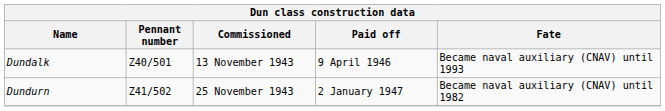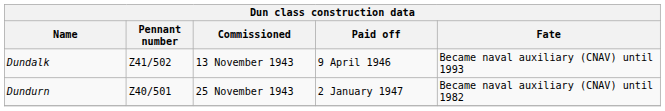 <table class="wikitable">
 <tr>
 <th colspan=5 align=center>Dun class construction data</th>
 </tr>
 <tr>
 <th scope="col" width="150px">Name</th>
 <th scope="col" width="80px">Pennant number</th>
 <th scope="col" width="150px">Commissioned</th>
 <th scope="col" width="150px">Paid off</th>
 <th scope="col" width="280px">Fate</th>
 </tr>
 <tr>
 <td scope="row" align="left"><em>Dundalk</em></td>
-<td align="left">Z40/501</td>
+<td align="left">Z41/502</td>
 <td align="left">13 November 1943</td>
 <td align="left">9 April 1946</td>
 <td align="left">Became naval auxiliary (CNAV) until 1993</td>
 </tr>
 <tr>
 <td scope="row" align="left"><em>Dundurn</em></td>
-<td align="left">Z41/502</td>
+<td align="left">Z40/501</td>
 <td align="left">25 November 1943</td>
 <td align="left">2 January 1947</td>
 <td align="left">Became naval auxiliary (CNAV) until 1982</td>
 </tr>
 <tr>
 </tr>
 </table>
